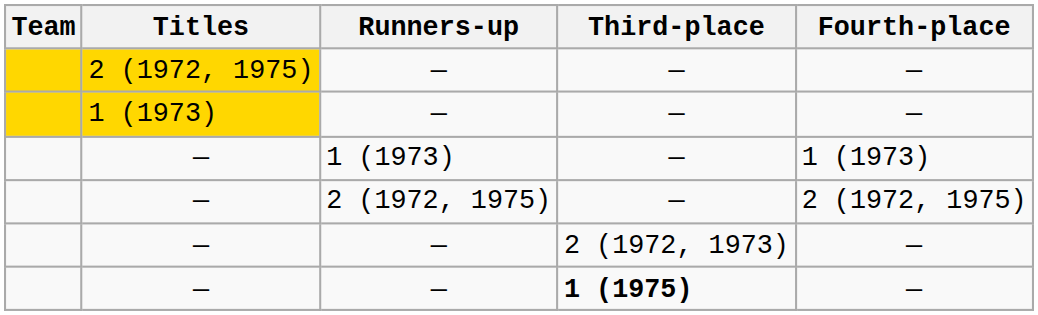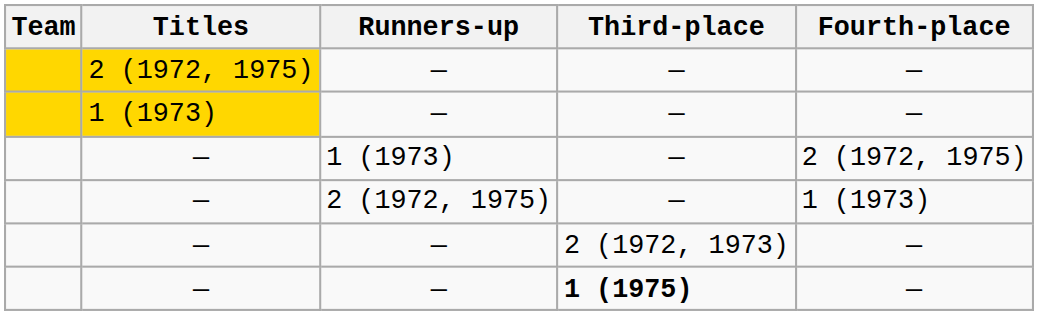 <table class="wikitable">
 <tr>
 <th>Team</th>
 <th>Titles</th>
 <th>Runners-up</th>
 <th>Third-place</th>
 <th>Fourth-place</th>
 </tr>
 <tr>
 <td style="background:gold;"></td>
 <td style="background:gold;">2 (1972, 1975)</td>
 <td align=center>—</td>
 <td align=center>—</td>
 <td align=center>—</td>
 </tr>
 <tr>
 <td style="background:gold;"></td>
 <td style="background:gold;">1 (1973)</td>
 <td align=center>—</td>
 <td align=center>—</td>
 <td align=center>—</td>
 </tr>
 <tr>
 <td></td>
 <td align=center>—</td>
 <td>1 (1973)</td>
 <td align=center>—</td>
-<td>1 (1973)</td>
+<td>2 (1972, 1975)</td>
 </tr>
 <tr>
 <td></td>
 <td align=center>—</td>
 <td>2 (1972, 1975)</td>
 <td align=center>—</td>
-<td>2 (1972, 1975)</td>
+<td>1 (1973)</td>
 </tr>
 <tr>
 <td></td>
 <td align=center>—</td>
 <td align=center>—</td>
 <td>2 (1972, 1973)</td>
 <td align=center>—</td>
 </tr>
 <tr>
 <td></td>
 <td align=center>—</td>
 <td align=center>—</td>
 <td><strong>1 (1975)</strong></td>
 <td align=center>—</td>
 </tr>
 </table>
